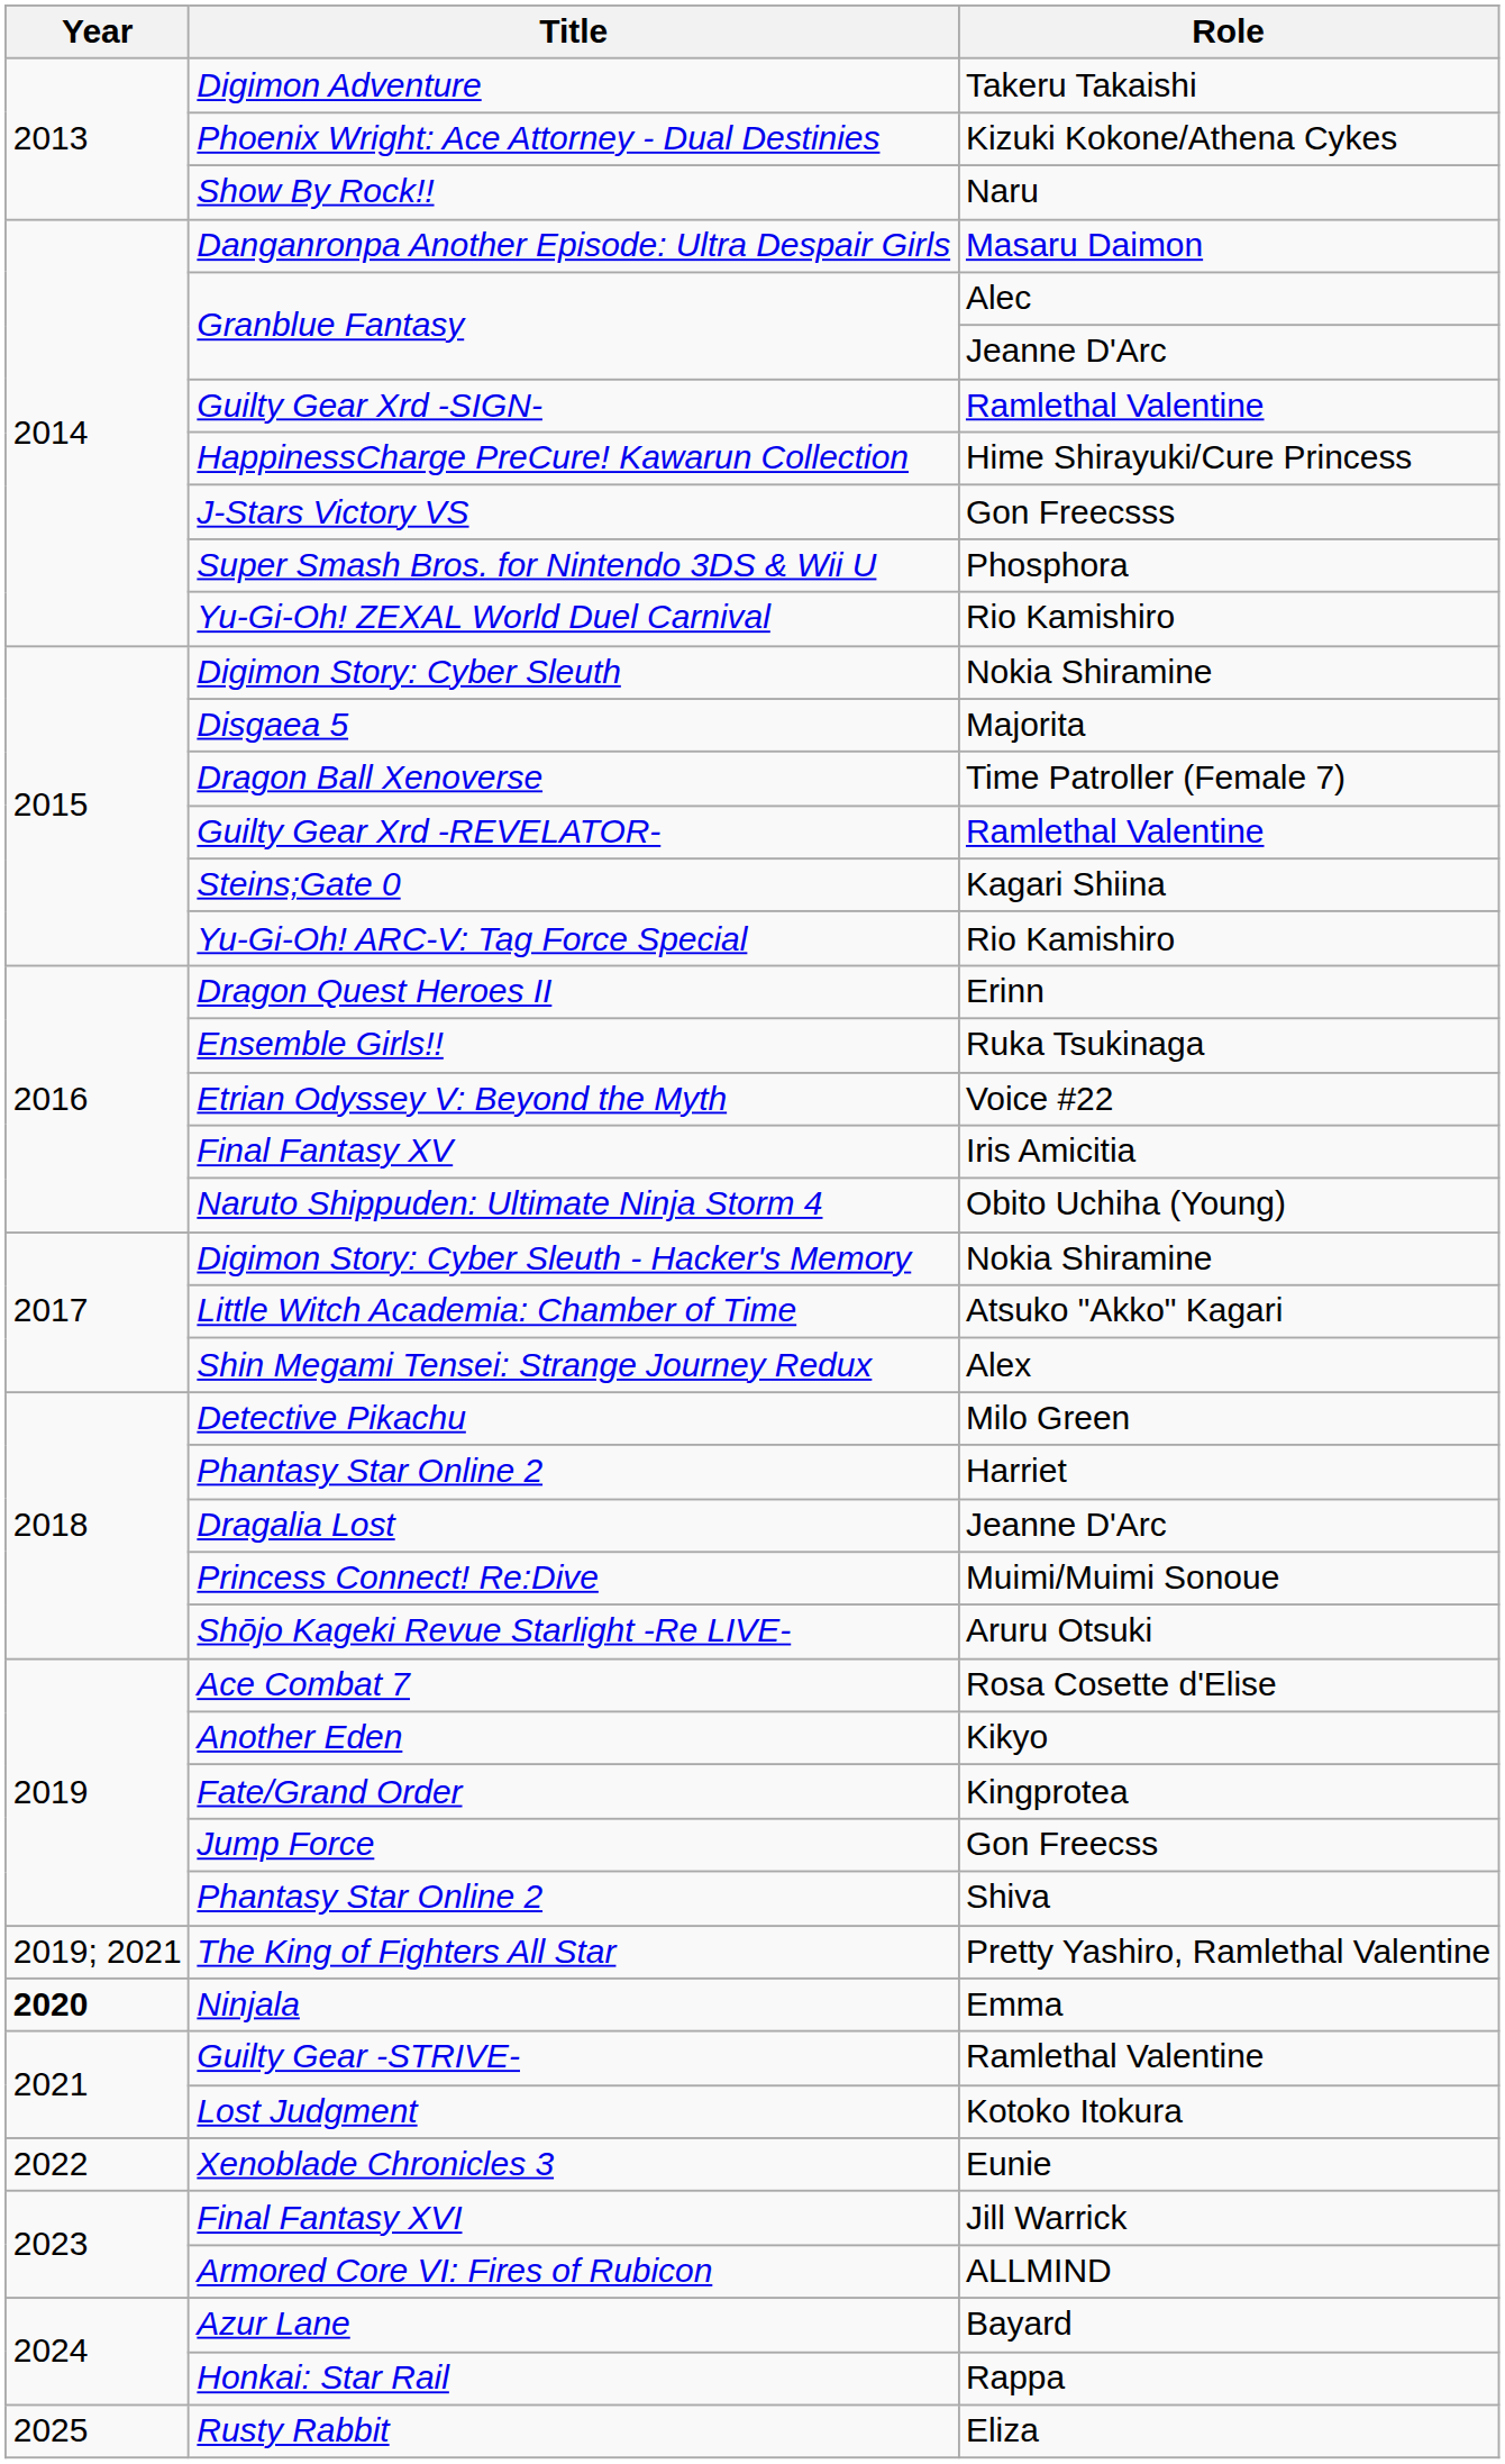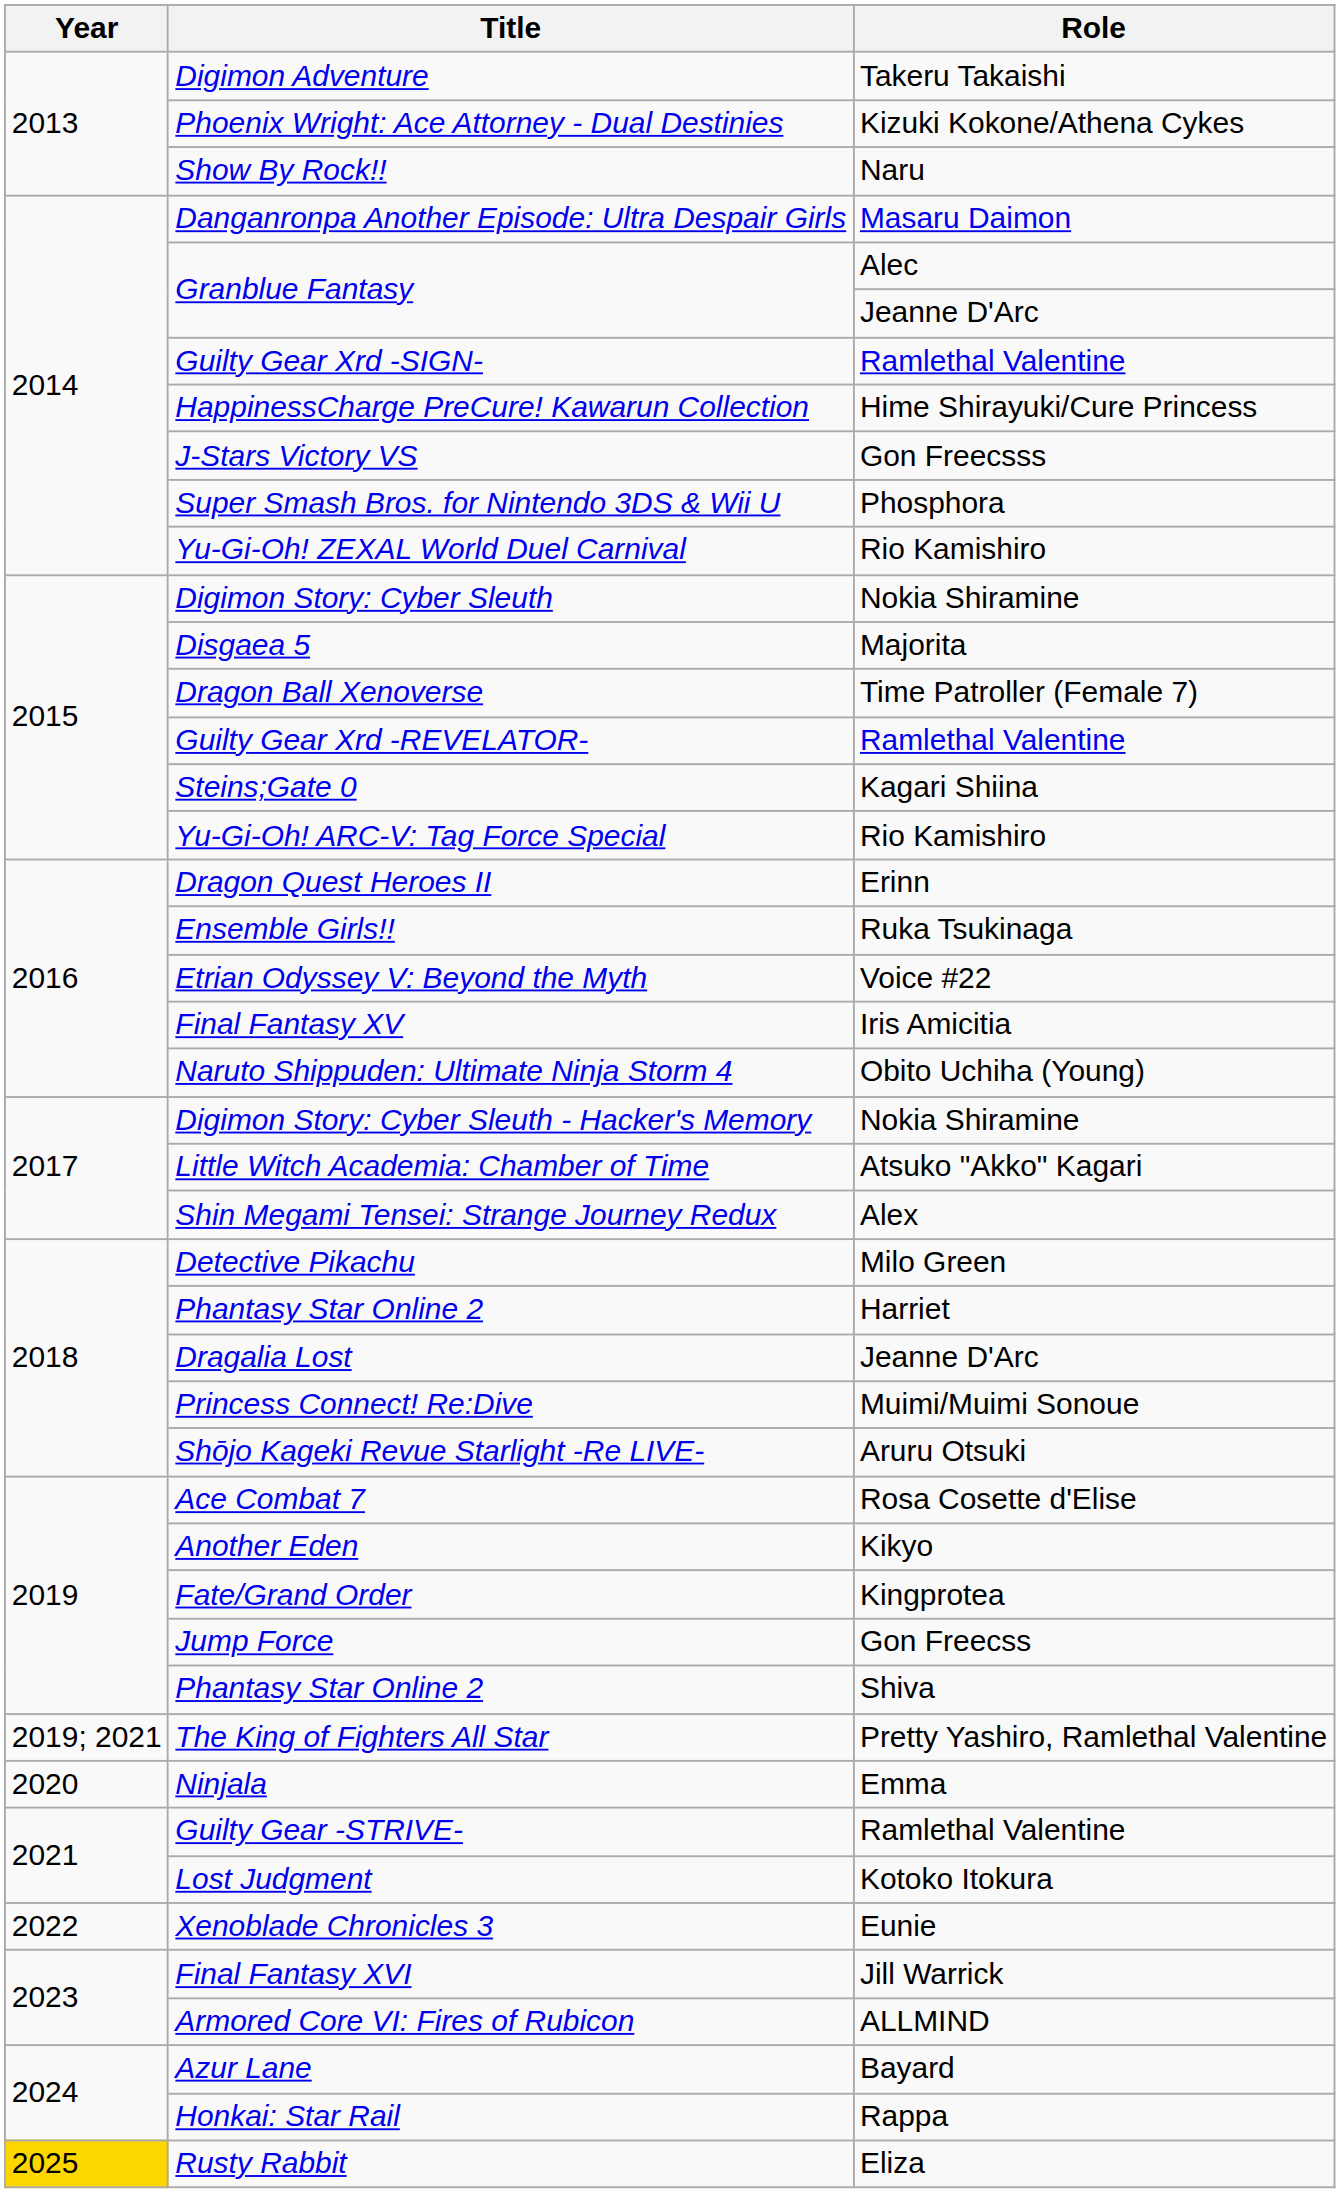 <table class="wikitable">
 <tr>
 <th>Year</th>
 <th>Title</th>
 <th>Role</th>
 </tr>
 <tr>
 <td rowspan="3">2013</td>
 <td><em><a href='#'>Digimon Adventure</a></em></td>
 <td>Takeru Takaishi</td>
 </tr>
 <tr>
 <td><em><a href='#'>Phoenix Wright: Ace Attorney - Dual Destinies</a></em></td>
 <td>Kizuki Kokone/Athena Cykes</td>
 </tr>
 <tr>
 <td><em><a href='#'>Show By Rock!!</a></em></td>
 <td>Naru</td>
 </tr>
 <tr>
 <td rowspan="8">2014</td>
 <td><em><a href='#'>Danganronpa Another Episode: Ultra Despair Girls</a></em></td>
 <td><a href='#'>Masaru Daimon</a></td>
 </tr>
 <tr>
 <td rowspan="2"><em><a href='#'>Granblue Fantasy</a></em></td>
 <td>Alec</td>
 </tr>
 <tr>
 <td>Jeanne D'Arc</td>
 </tr>
 <tr>
 <td><em><a href='#'>Guilty Gear Xrd -SIGN-</a></em></td>
 <td><a href='#'>Ramlethal Valentine</a></td>
 </tr>
 <tr>
 <td><em><a href='#'>HappinessCharge PreCure! Kawarun Collection</a></em></td>
 <td>Hime Shirayuki/Cure Princess</td>
 </tr>
 <tr>
 <td><em><a href='#'>J-Stars Victory VS</a></em></td>
 <td>Gon Freecsss</td>
 </tr>
 <tr>
 <td><em><a href='#'>Super Smash Bros. for Nintendo 3DS & Wii U</a></em></td>
 <td>Phosphora</td>
 </tr>
 <tr>
 <td><em><a href='#'>Yu-Gi-Oh! ZEXAL World Duel Carnival</a></em></td>
 <td>Rio Kamishiro</td>
 </tr>
 <tr>
 <td rowspan="6">2015</td>
 <td><em><a href='#'>Digimon Story: Cyber Sleuth</a></em></td>
 <td>Nokia Shiramine</td>
 </tr>
 <tr>
 <td><em><a href='#'>Disgaea 5</a></em></td>
 <td>Majorita</td>
 </tr>
 <tr>
 <td><em><a href='#'>Dragon Ball Xenoverse</a></em></td>
 <td>Time Patroller (Female 7)</td>
 </tr>
 <tr>
 <td><em><a href='#'>Guilty Gear Xrd -REVELATOR-</a></em></td>
 <td><a href='#'>Ramlethal Valentine</a></td>
 </tr>
 <tr>
 <td><em><a href='#'>Steins;Gate 0</a></em></td>
 <td>Kagari Shiina</td>
 </tr>
 <tr>
 <td><em><a href='#'>Yu-Gi-Oh! ARC-V: Tag Force Special</a></em></td>
 <td>Rio Kamishiro</td>
 </tr>
 <tr>
 <td rowspan="5">2016</td>
 <td><em><a href='#'>Dragon Quest Heroes II</a></em></td>
 <td>Erinn</td>
 </tr>
 <tr>
 <td><em><a href='#'>Ensemble Girls!!</a></em></td>
 <td>Ruka Tsukinaga</td>
 </tr>
 <tr>
 <td><em><a href='#'>Etrian Odyssey V: Beyond the Myth</a></em></td>
 <td>Voice #22</td>
 </tr>
 <tr>
 <td><em><a href='#'>Final Fantasy XV</a></em></td>
 <td>Iris Amicitia</td>
 </tr>
 <tr>
 <td><em><a href='#'>Naruto Shippuden: Ultimate Ninja Storm 4</a></em></td>
 <td>Obito Uchiha (Young)</td>
 </tr>
 <tr>
 <td rowspan="3">2017</td>
 <td><em><a href='#'>Digimon Story: Cyber Sleuth - Hacker's Memory</a></em></td>
 <td>Nokia Shiramine</td>
 </tr>
 <tr>
 <td><em><a href='#'>Little Witch Academia: Chamber of Time</a></em></td>
 <td>Atsuko "Akko" Kagari</td>
 </tr>
 <tr>
 <td><em><a href='#'>Shin Megami Tensei: Strange Journey Redux</a></em></td>
 <td>Alex</td>
 </tr>
 <tr>
 <td rowspan="5">2018</td>
 <td><em><a href='#'>Detective Pikachu</a></em></td>
 <td>Milo Green</td>
 </tr>
 <tr>
 <td><em><a href='#'>Phantasy Star Online 2</a></em></td>
 <td>Harriet</td>
 </tr>
 <tr>
 <td><em><a href='#'>Dragalia Lost</a></em></td>
 <td>Jeanne D'Arc</td>
 </tr>
 <tr>
 <td><em><a href='#'>Princess Connect! Re:Dive</a></em></td>
 <td>Muimi/Muimi Sonoue</td>
 </tr>
 <tr>
 <td><em><a href='#'>Shōjo Kageki Revue Starlight -Re LIVE-</a></em></td>
 <td>Aruru Otsuki</td>
 </tr>
 <tr>
 <td rowspan="5">2019</td>
 <td><em><a href='#'>Ace Combat 7</a></em></td>
 <td>Rosa Cosette d'Elise</td>
 </tr>
 <tr>
 <td><em><a href='#'>Another Eden</a></em></td>
 <td>Kikyo</td>
 </tr>
 <tr>
 <td><em><a href='#'>Fate/Grand Order</a></em></td>
 <td>Kingprotea</td>
 </tr>
 <tr>
 <td><em><a href='#'>Jump Force</a></em></td>
 <td>Gon Freecss</td>
 </tr>
 <tr>
 <td><em><a href='#'>Phantasy Star Online 2</a></em></td>
 <td>Shiva</td>
 </tr>
 <tr>
 <td>2019; 2021</td>
 <td><em><a href='#'>The King of Fighters All Star</a></em></td>
 <td>Pretty Yashiro, Ramlethal Valentine</td>
 </tr>
 <tr>
-<td rowspan="1"><strong>2020</strong></td>
+<td rowspan="1">2020</td>
 <td><em><a href='#'>Ninjala</a></em></td>
 <td>Emma</td>
 </tr>
 <tr>
 <td rowspan="2">2021</td>
 <td><em><a href='#'>Guilty Gear -STRIVE-</a></em></td>
 <td>Ramlethal Valentine</td>
 </tr>
 <tr>
 <td><em><a href='#'>Lost Judgment</a></em></td>
 <td>Kotoko Itokura</td>
 </tr>
 <tr>
 <td rowspan="1">2022</td>
 <td><em><a href='#'>Xenoblade Chronicles 3</a></em></td>
 <td>Eunie</td>
 </tr>
 <tr>
 <td rowspan="2">2023</td>
 <td><em><a href='#'>Final Fantasy XVI</a></em></td>
 <td>Jill Warrick</td>
 </tr>
 <tr>
 <td><em><a href='#'>Armored Core VI: Fires of Rubicon</a></em></td>
 <td>ALLMIND</td>
 </tr>
 <tr>
 <td rowspan="2">2024</td>
 <td><em><a href='#'>Azur Lane</a></em></td>
 <td>Bayard</td>
 </tr>
 <tr>
 <td><em><a href='#'>Honkai: Star Rail</a></em></td>
 <td>Rappa</td>
 </tr>
 <tr>
-<td>2025</td>
+<td style="background: gold;">2025</td>
 <td><em><a href='#'>Rusty Rabbit</a></em></td>
 <td>Eliza</td>
 </tr>
 </table>
